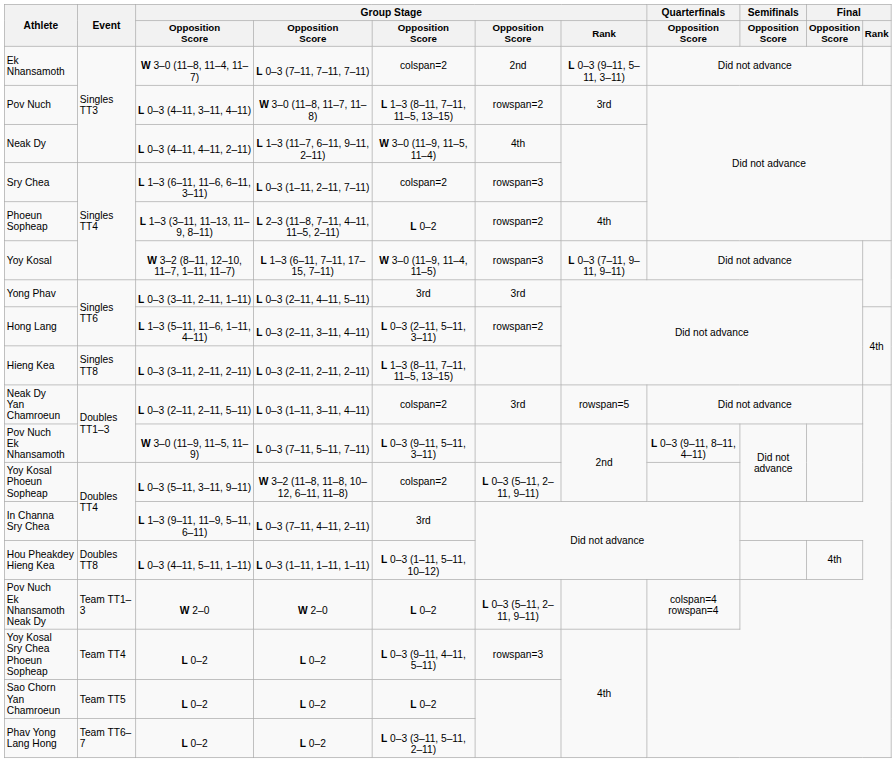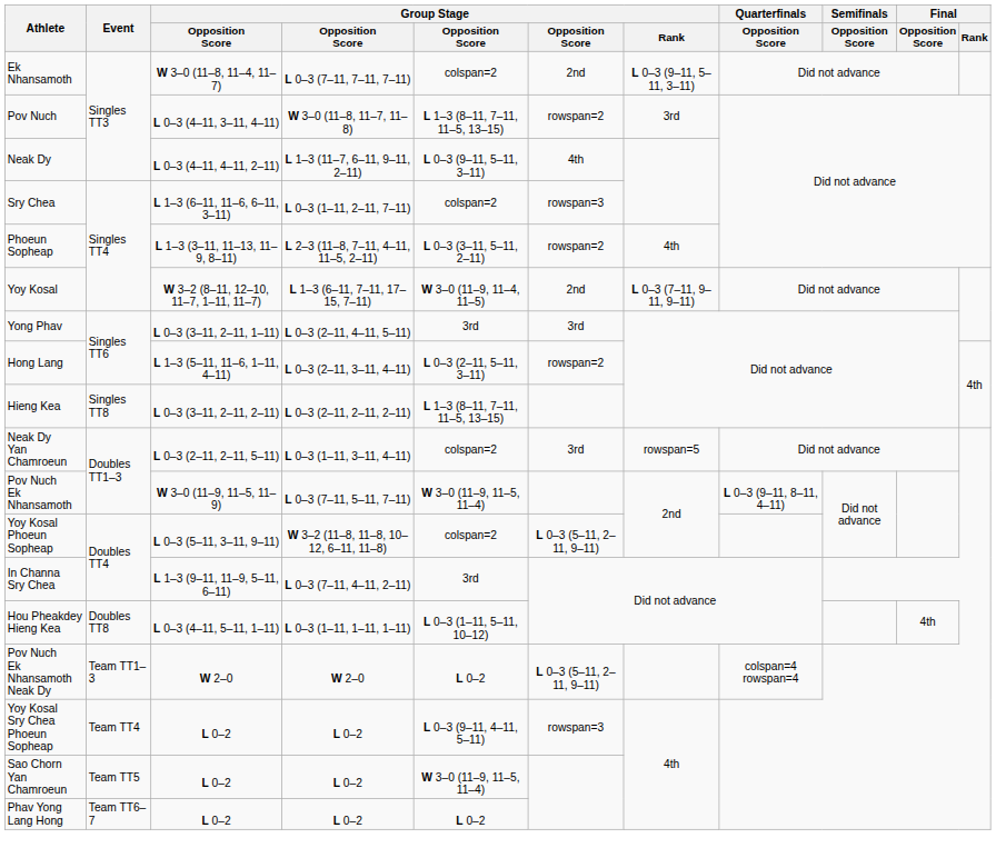 <table class="wikitable" style="font-size:90%">
 <tr>
 <th rowspan=2>Athlete</th>
 <th rowspan=2>Event</th>
 <th colspan=5>Group Stage</th>
 <th>Quarterfinals</th>
 <th>Semifinals</th>
 <th colspan=2>Final</th>
 </tr>
 <tr style="font-size:95%">
 <th>Opposition<br>Score</th>
 <th>Opposition<br>Score</th>
 <th>Opposition<br>Score</th>
 <th>Opposition<br>Score</th>
 <th>Rank</th>
 <th>Opposition<br>Score</th>
 <th>Opposition<br>Score</th>
 <th>Opposition<br>Score</th>
 <th>Rank</th>
 </tr>
 <tr style="text-align:center">
 <td style="text-align:left">Ek Nhansamoth</td>
 <td style="text-align:left" rowspan=3>Singles TT3</td>
 <td><br><strong>W</strong> 3–0 (11–8, 11–4, 11–7)</td>
 <td><br><strong>L</strong> 0–3 (7–11, 7–11, 7–11)</td>
 <td>colspan=2 </td>
 <td>2nd</td>
 <td><br><strong>L</strong> 0–3 (9–11, 5–11, 3–11)</td>
 <td colspan=3>Did not advance</td>
 </tr>
 <tr style="text-align:center">
 <td style="text-align:left">Pov Nuch</td>
 <td><br><strong>L</strong> 0–3 (4–11, 3–11, 4–11)</td>
 <td><br><strong>W</strong> 3–0 (11–8, 11–7, 11–8)</td>
 <td><br><strong>L</strong> 1–3 (8–11, 7–11, 11–5, 13–15)</td>
 <td>rowspan=2 </td>
 <td>3rd</td>
 <td colspan=4 rowspan=4>Did not advance</td>
 </tr>
 <tr style="text-align:center">
 <td style="text-align:left">Neak Dy</td>
 <td><br><strong>L</strong> 0–3 (4–11, 4–11, 2–11)</td>
 <td><br><strong>L</strong> 1–3 (11–7, 6–11, 9–11, 2–11)</td>
-<td><br><strong>W</strong> 3–0 (11–9, 11–5, 11–4)</td>
+<td><br><strong>L</strong> 0–3 (9–11, 5–11, 3–11)</td>
 <td>4th</td>
 </tr>
 <tr style="text-align:center">
 <td style="text-align:left">Sry Chea</td>
 <td style="text-align:left" rowspan=3>Singles TT4</td>
 <td><br><strong>L</strong> 1–3 (6–11, 11–6, 6–11, 3–11)</td>
 <td><br><strong>L</strong> 0–3 (1–11, 2–11, 7–11)</td>
 <td>colspan=2 </td>
 <td>rowspan=3 </td>
 </tr>
 <tr style="text-align:center">
 <td style="text-align:left">Phoeun Sopheap</td>
 <td><br><strong>L</strong> 1–3 (3–11, 11–13, 11–9, 8–11)</td>
 <td><br><strong>L</strong> 2–3 (11–8, 7–11, 4–11, 11–5, 2–11)</td>
-<td><br><strong>L</strong> 0–2</td>
+<td><br><strong>L</strong> 0–3 (3–11, 5–11, 2–11)</td>
 <td>rowspan=2 </td>
 <td>4th</td>
 </tr>
 <tr style="text-align:center">
 <td style="text-align:left">Yoy Kosal</td>
 <td><br><strong>W</strong> 3–2 (8–11, 12–10, 11–7, 1–11, 11–7)</td>
 <td><br><strong>L</strong> 1–3 (6–11, 7–11, 17–15, 7–11)</td>
 <td><br><strong>W</strong> 3–0 (11–9, 11–4, 11–5)</td>
-<td>rowspan=3 </td>
+<td>2nd</td>
 <td><br><strong>L</strong> 0–3 (7–11, 9–11, 9–11)</td>
 <td Colspan=3>Did not advance</td>
 </tr>
 <tr style="text-align:center">
 <td style="text-align:left">Yong Phav</td>
 <td style="text-align:left" rowspan=2>Singles TT6</td>
 <td><br><strong>L</strong> 0–3 (3–11, 2–11, 1–11)</td>
 <td><br><strong>L</strong> 0–3 (2–11, 4–11, 5–11)</td>
 <td>3rd</td>
 <td>3rd</td>
 <td colspan=4 rowspan=3>Did not advance</td>
 </tr>
 <tr style="text-align:center">
 <td style="text-align:left">Hong Lang</td>
 <td><br><strong>L</strong> 1–3 (5–11, 11–6, 1–11, 4–11)</td>
 <td><br><strong>L</strong> 0–3 (2–11, 3–11, 4–11)</td>
 <td><br><strong>L</strong> 0–3 (2–11, 5–11, 3–11)</td>
 <td>rowspan=2 </td>
 <td rowspan=2>4th</td>
 </tr>
 <tr style="text-align:center">
 <td style="text-align:left">Hieng Kea</td>
 <td style="text-align:left">Singles TT8</td>
 <td><br><strong>L</strong> 0–3 (3–11, 2–11, 2–11)</td>
 <td><br><strong>L</strong> 0–3 (2–11, 2–11, 2–11)</td>
 <td><br><strong>L</strong> 1–3 (8–11, 7–11, 11–5, 13–15)</td>
 </tr>
 <tr style="text-align:center">
 <td style="text-align:left">Neak Dy<br>Yan Chamroeun</td>
 <td style="text-align:left" rowspan=2>Doubles TT1–3</td>
 <td><br><strong>L</strong> 0–3 (2–11, 2–11, 5–11)</td>
 <td><br><strong>L</strong> 0–3 (1–11, 3–11, 4–11)</td>
 <td>colspan=2 </td>
 <td>3rd</td>
 <td>rowspan=5 </td>
 <td colspan=3>Did not advance</td>
 </tr>
 <tr style="text-align:center">
 <td style="text-align:left">Pov Nuch<br>Ek Nhansamoth</td>
 <td><br><strong>W</strong> 3–0 (11–9, 11–5, 11–9)</td>
 <td><br><strong>L</strong> 0–3 (7–11, 5–11, 7–11)</td>
-<td><br><strong>L</strong> 0–3 (9–11, 5–11, 3–11)</td>
+<td><br><strong>W</strong> 3–0 (11–9, 11–5, 11–4)</td>
 <td></td>
 <td rowspan=2>2nd</td>
 <td><br><strong>L</strong> 0–3 (9–11, 8–11, 4–11)</td>
 <td rowspan=2>Did not advance</td>
 <td rowspan=2></td>
 </tr>
 <tr style="text-align:center">
 <td style="text-align:left">Yoy Kosal<br>Phoeun Sopheap</td>
 <td style="text-align:left" rowspan=2>Doubles TT4</td>
 <td><br><strong>L</strong> 0–3 (5–11, 3–11, 9–11)</td>
 <td><br><strong>W</strong> 3–2 (11–8, 11–8, 10–12, 6–11, 11–8)</td>
 <td>colspan=2 </td>
 <td><br><strong>L</strong> 0–3 (5–11, 2–11, 9–11)</td>
 </tr>
 <tr style="text-align:center">
 <td style="text-align:left">In Channa<br>Sry Chea</td>
 <td><br><strong>L</strong> 1–3 (9–11, 11–9, 5–11, 6–11)</td>
 <td><br><strong>L</strong> 0–3 (7–11, 4–11, 2–11)</td>
 <td>3rd</td>
 <td colspan=3 rowspan=2>Did not advance</td>
 </tr>
 <tr style="text-align:center">
 <td style="text-align:left">Hou Pheakdey<br>Hieng Kea</td>
 <td style="text-align:left">Doubles TT8</td>
 <td><br><strong>L</strong> 0–3 (4–11, 5–11, 1–11)</td>
 <td><br><strong>L</strong> 0–3 (1–11, 1–11, 1–11)</td>
 <td><br><strong>L</strong> 0–3 (1–11, 5–11, 10–12)</td>
 <td></td>
 <td>4th</td>
 </tr>
 <tr style="text-align:center">
 <td style="text-align:left">Pov Nuch<br>Ek Nhansamoth<br>Neak Dy</td>
 <td style="text-align:left">Team TT1–3</td>
 <td><br><strong>W</strong> 2–0</td>
 <td><br><strong>W</strong> 2–0</td>
 <td><br><strong>L</strong> 0–2</td>
 <td><br><strong>L</strong> 0–3 (5–11, 2–11, 9–11)</td>
 <td></td>
 <td>colspan=4 rowspan=4 </td>
 </tr>
 <tr style="text-align:center">
 <td style="text-align:left">Yoy Kosal<br>Sry Chea<br>Phoeun Sopheap</td>
 <td style="text-align:left">Team TT4</td>
 <td><br><strong>L</strong> 0–2</td>
 <td><br><strong>L</strong> 0–2</td>
 <td><br><strong>L</strong> 0–3 (9–11, 4–11, 5–11)</td>
 <td>rowspan=3 </td>
 <td rowspan=3>4th</td>
 </tr>
 <tr style="text-align:center">
 <td style="text-align:left">Sao Chorn<br>Yan Chamroeun</td>
 <td style="text-align:left">Team TT5</td>
 <td><br><strong>L</strong> 0–2</td>
 <td><br><strong>L</strong> 0–2</td>
-<td><br><strong>L</strong> 0–2</td>
+<td><br><strong>W</strong> 3–0 (11–9, 11–5, 11–4)</td>
 </tr>
 <tr style="text-align:center">
 <td style="text-align:left">Phav Yong<br>Lang Hong</td>
 <td style="text-align:left">Team TT6–7</td>
 <td><br><strong>L</strong> 0–2</td>
 <td><br><strong>L</strong> 0–2</td>
-<td><br><strong>L</strong> 0–3 (3–11, 5–11, 2–11)</td>
+<td><br><strong>L</strong> 0–2</td>
 </tr>
 </table>
